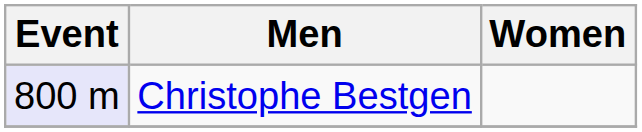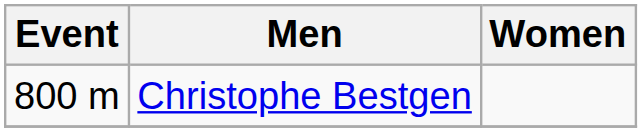 <table class=wikitable style="font-size:100%">
 <tr>
 <th>Event</th>
 <th>Men</th>
 <th>Women</th>
 </tr>
 <tr>
-<td style="background: lavender;">800 m</td>
+<td>800 m</td>
 <td><a href='#'>Christophe Bestgen</a></td>
 <td></td>
 </tr>
 <tr>
 </tr>
 </table>
